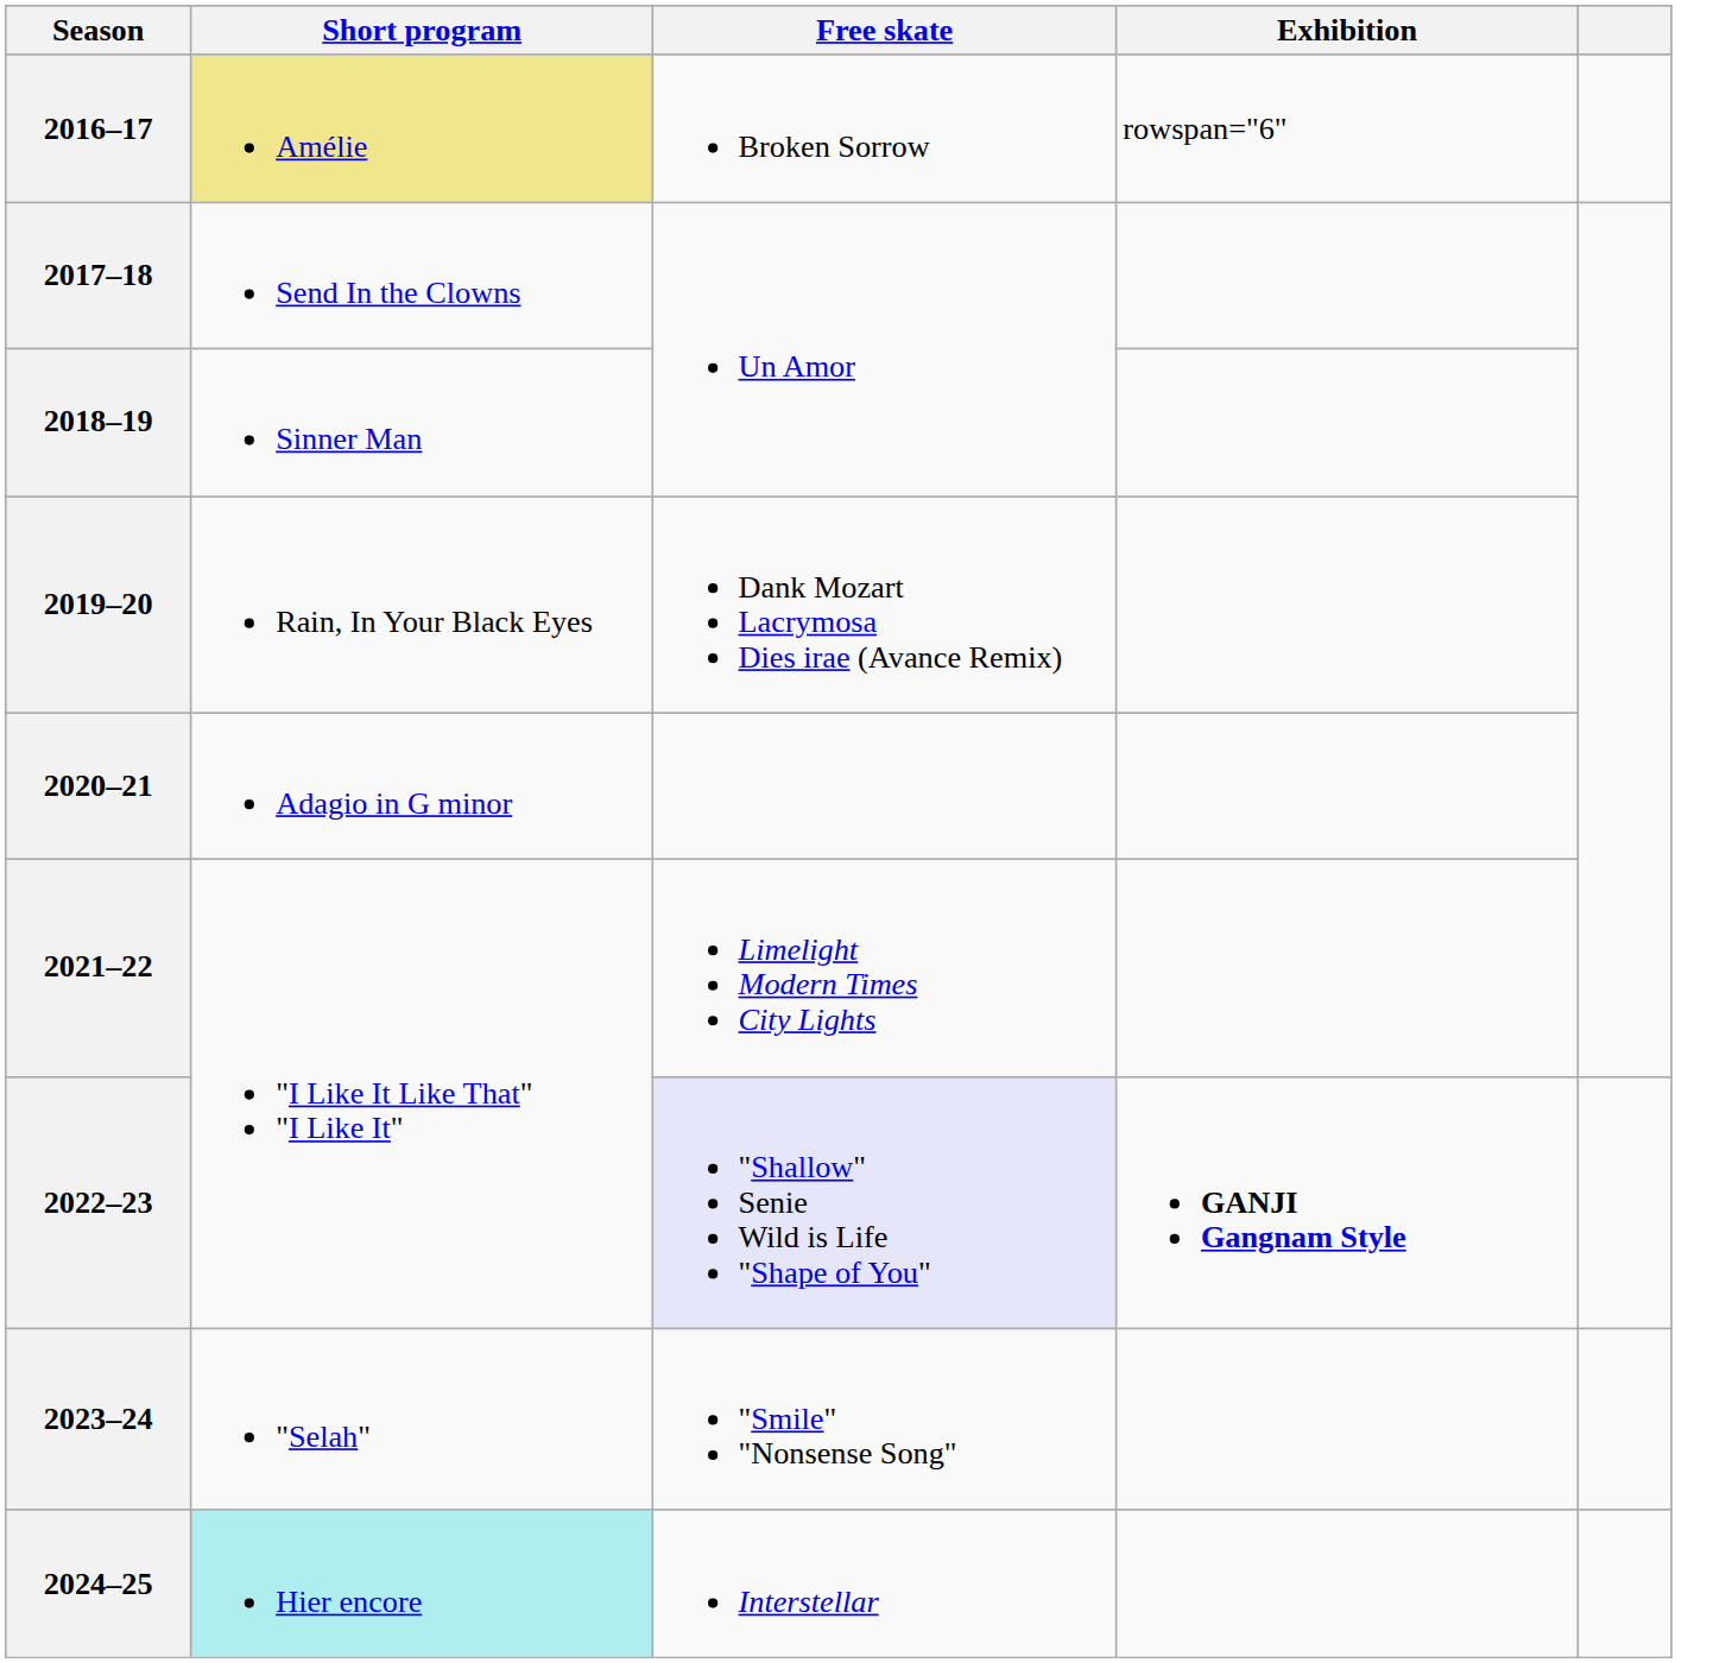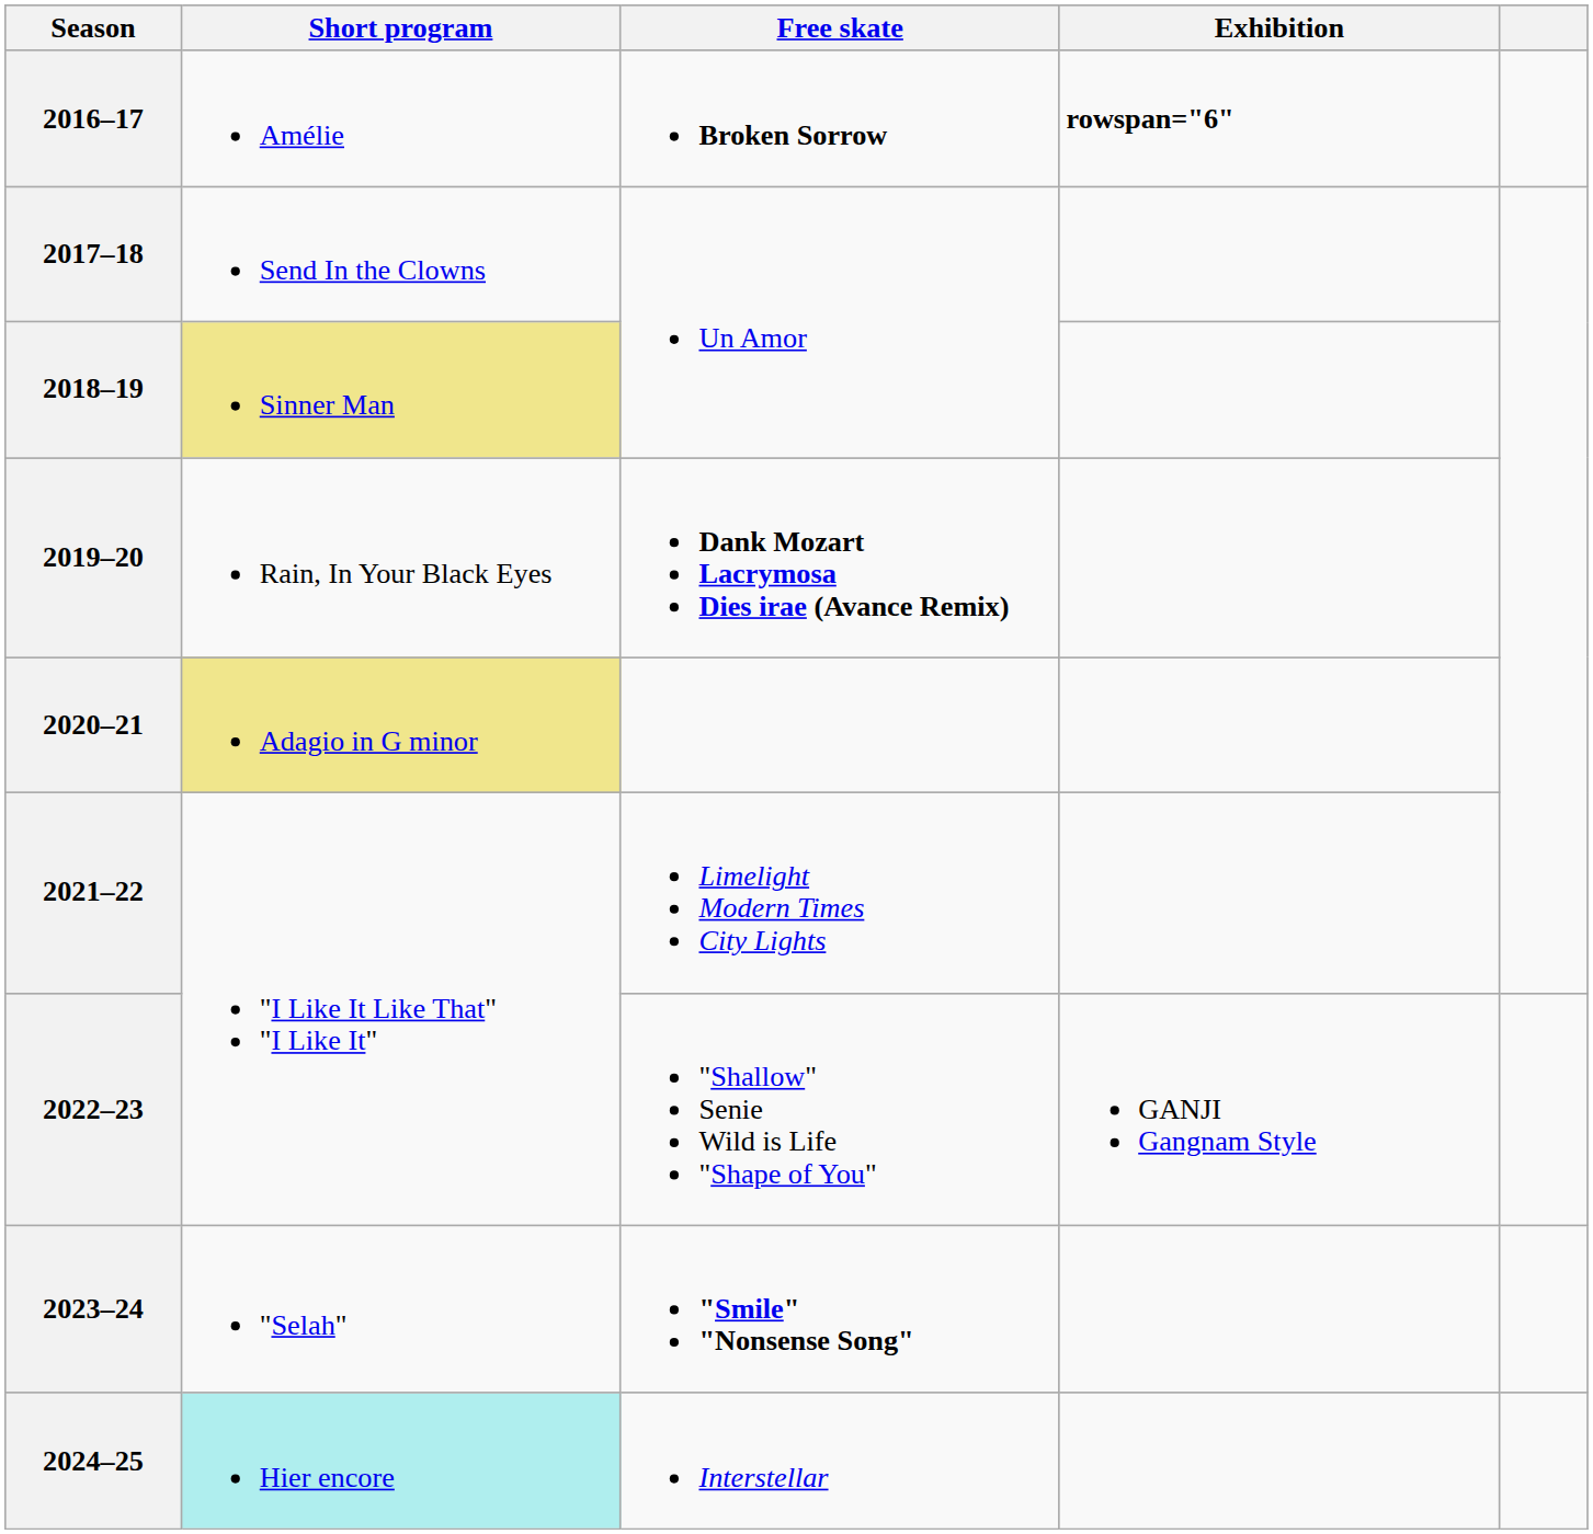 <table class="wikitable unsortable" style="text-align:left">
 <tr>
 <th scope="col" style="text-align:center; width:10%">Season</th>
 <th scope="col" style="text-align:center; width:25%"><a href='#'>Short program</a></th>
 <th scope="col" style="text-align:center; width:25%"><a href='#'>Free skate</a></th>
 <th scope="col" style="text-align:center; width:25%">Exhibition</th>
 <th scope="col" style="text-align:center; width:5%"></th>
 </tr>
 <tr>
 <th scope="row">2016–17</th>
-<td style="background: khaki;"><br><ul><li><a href='#'>Amélie</a><br></li></ul></td>
-<td><br><ul><li>Broken Sorrow <br></li></ul></td>
-<td>rowspan="6" </td>
+<td><br><ul><li><a href='#'>Amélie</a><br></li></ul></td>
+<td><strong><br><ul><li>Broken Sorrow <br></li></ul></strong></td>
+<td><strong>rowspan="6" </strong></td>
 <td></td>
 </tr>
 <tr>
 <th scope="row">2017–18</th>
 <td><br><ul><li><a href='#'>Send In the Clowns</a> <br></li></ul></td>
 <td rowspan="2"><br><ul><li><a href='#'>Un Amor</a><br></li></ul></td>
 <td></td>
 </tr>
 <tr>
 <th scope="row">2018–19</th>
-<td><br><ul><li><a href='#'>Sinner Man</a><br></li></ul></td>
+<td style="background: khaki;"><br><ul><li><a href='#'>Sinner Man</a><br></li></ul></td>
 <td></td>
 </tr>
 <tr>
 <th scope="row">2019–20</th>
 <td><br><ul><li>Rain, In Your Black Eyes <br></li></ul></td>
-<td><br><ul><li>Dank Mozart<br></li><li><a href='#'>Lacrymosa</a><br></li><li><a href='#'>Dies irae</a> (Avance Remix)<br></li></ul></td>
+<td><strong><br><ul><li>Dank Mozart<br></li><li><a href='#'>Lacrymosa</a><br></li><li><a href='#'>Dies irae</a> (Avance Remix)<br></li></ul></strong></td>
 <td></td>
 </tr>
 <tr>
 <th scope="row">2020–21</th>
-<td><br><ul><li><a href='#'>Adagio in G minor</a><br></li></ul></td>
+<td style="background: khaki;"><br><ul><li><a href='#'>Adagio in G minor</a><br></li></ul></td>
 <td></td>
 <td></td>
 </tr>
 <tr>
 <th scope="row">2021–22</th>
 <td rowspan="2"><br><ul><li>"<a href='#'>I Like It Like That</a>"<br></li><li>"<a href='#'>I Like It</a>"<br></li></ul></td>
 <td><br><ul><li><em><a href='#'>Limelight</a></em></li><li><em><a href='#'>Modern Times</a></em></li><li><em><a href='#'>City Lights</a></em><br></li></ul></td>
 <td></td>
 </tr>
 <tr>
 <th scope="row">2022–23</th>
-<td style="background: lavender;"><br><ul><li>"<a href='#'>Shallow</a>"<br></li><li>Senie<br></li><li>Wild is Life<br></li><li>"<a href='#'>Shape of You</a>"<br></li></ul></td>
-<td><strong><br><ul><li>GANJI</li><li><a href='#'>Gangnam Style</a><br></li></ul></strong></td>
+<td><br><ul><li>"<a href='#'>Shallow</a>"<br></li><li>Senie<br></li><li>Wild is Life<br></li><li>"<a href='#'>Shape of You</a>"<br></li></ul></td>
+<td><br><ul><li>GANJI</li><li><a href='#'>Gangnam Style</a><br></li></ul></td>
 <td></td>
 </tr>
 <tr>
 <th scope="row">2023–24</th>
 <td><br><ul><li>"<a href='#'>Selah</a>"<br></li></ul></td>
-<td><br><ul><li>"<a href='#'>Smile</a>"<br></li><li>"Nonsense Song"<br></li></ul></td>
+<td><strong><br><ul><li>"<a href='#'>Smile</a>"<br></li><li>"Nonsense Song"<br></li></ul></strong></td>
 <td></td>
 <td></td>
 </tr>
 <tr>
 <th scope="row">2024–25</th>
 <td style="background: paleturquoise;"><br><ul><li><a href='#'>Hier encore</a><br></li></ul></td>
 <td><br><ul><li><em><a href='#'>Interstellar</a></em><br></li></ul></td>
 <td></td>
 <td></td>
 </tr>
 </table>
